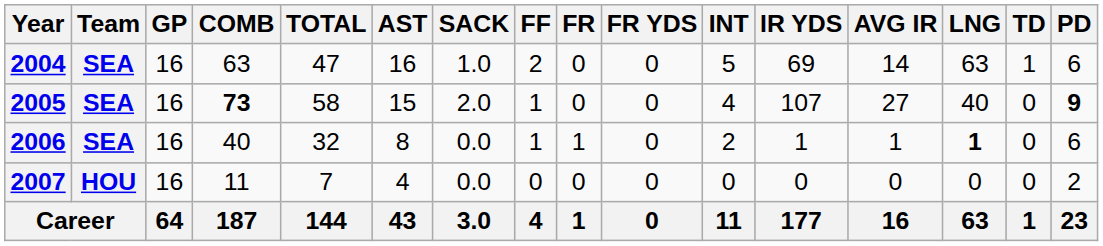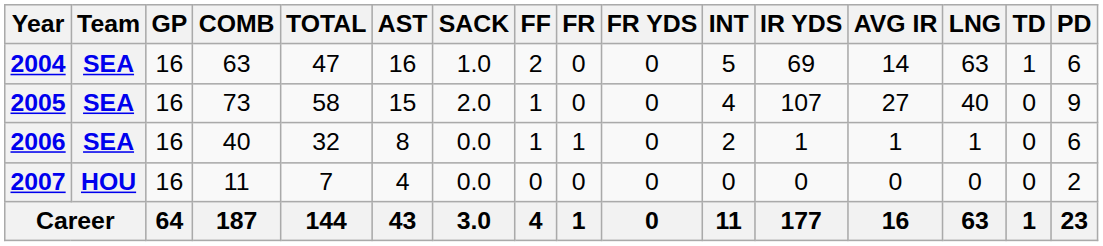 <table style="text-align:center;" class="wikitable">
 <tr>
 <th>Year</th>
 <th>Team</th>
 <th>GP</th>
 <th>COMB</th>
 <th>TOTAL</th>
 <th>AST</th>
 <th>SACK</th>
 <th>FF</th>
 <th>FR</th>
 <th>FR YDS</th>
 <th>INT</th>
 <th>IR YDS</th>
 <th>AVG IR</th>
 <th>LNG</th>
 <th>TD</th>
 <th>PD</th>
 </tr>
 <tr>
 <th><a href='#'>2004</a></th>
 <th><a href='#'>SEA</a></th>
 <td>16</td>
 <td>63</td>
 <td>47</td>
 <td>16</td>
 <td>1.0</td>
 <td>2</td>
 <td>0</td>
 <td>0</td>
 <td>5</td>
 <td>69</td>
 <td>14</td>
 <td>63</td>
 <td>1</td>
 <td>6</td>
 </tr>
 <tr>
 <th><a href='#'>2005</a></th>
 <th><a href='#'>SEA</a></th>
 <td>16</td>
-<td><strong>73</strong></td>
+<td>73</td>
 <td>58</td>
 <td>15</td>
 <td>2.0</td>
 <td>1</td>
 <td>0</td>
 <td>0</td>
 <td>4</td>
 <td>107</td>
 <td>27</td>
 <td>40</td>
 <td>0</td>
-<td><strong>9</strong></td>
+<td>9</td>
 </tr>
 <tr>
 <th><a href='#'>2006</a></th>
 <th><a href='#'>SEA</a></th>
 <td>16</td>
 <td>40</td>
 <td>32</td>
 <td>8</td>
 <td>0.0</td>
 <td>1</td>
 <td>1</td>
 <td>0</td>
 <td>2</td>
 <td>1</td>
 <td>1</td>
-<td><strong>1</strong></td>
+<td>1</td>
 <td>0</td>
 <td>6</td>
 </tr>
 <tr>
 <th><a href='#'>2007</a></th>
 <th><a href='#'>HOU</a></th>
 <td>16</td>
 <td>11</td>
 <td>7</td>
 <td>4</td>
 <td>0.0</td>
 <td>0</td>
 <td>0</td>
 <td>0</td>
 <td>0</td>
 <td>0</td>
 <td>0</td>
 <td>0</td>
 <td>0</td>
 <td>2</td>
 </tr>
 <tr>
 <th colspan="2">Career</th>
 <th>64</th>
 <th>187</th>
 <th>144</th>
 <th>43</th>
 <th>3.0</th>
 <th>4</th>
 <th>1</th>
 <th>0</th>
 <th>11</th>
 <th>177</th>
 <th>16</th>
 <th>63</th>
 <th>1</th>
 <th>23</th>
 </tr>
 </table>
